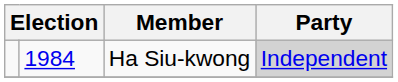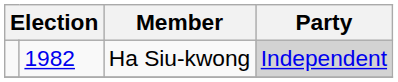 <table class="wikitable">
 <tr>
 <th colspan="2">Election</th>
 <th>Member</th>
 <th>Party</th>
 </tr>
 <tr>
 <td style="background-color: "></td>
-<td><a href='#'>1984</a></td>
+<td><a href='#'>1982</a></td>
 <td>Ha Siu-kwong</td>
 <td style="background: lightgrey;"><a href='#'>Independent</a></td>
 </tr>
 <tr>
 </tr>
 </table>
